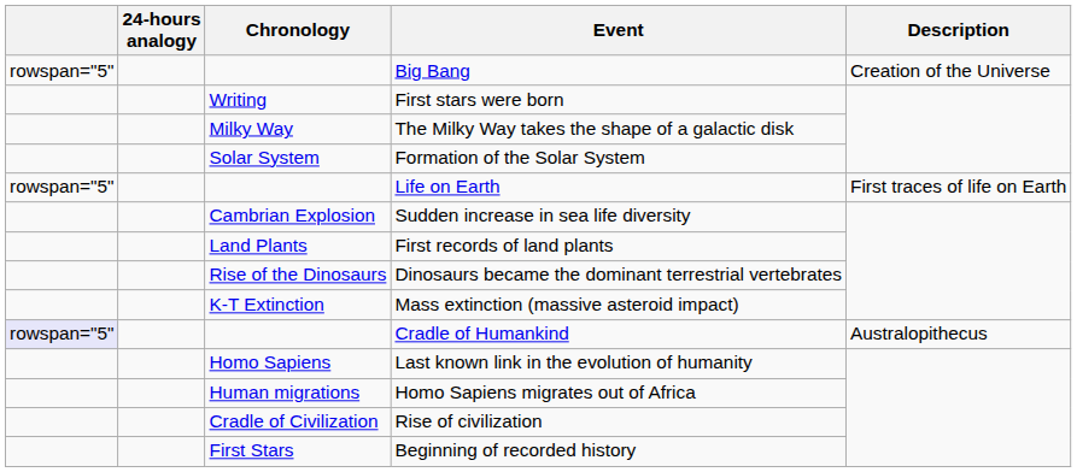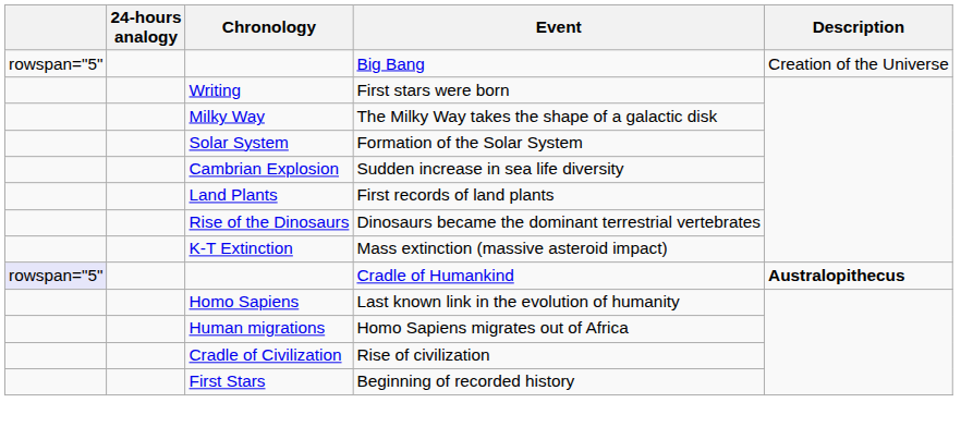 <table class="wikitable">
 <tr>
 <th></th>
 <th>24-hours<br>analogy</th>
 <th>Chronology</th>
 <th>Event</th>
 <th>Description</th>
 </tr>
 <tr>
 <td>rowspan="5" </td>
 <td></td>
 <td></td>
 <td><a href='#'>Big Bang</a></td>
 <td>Creation of the Universe</td>
 </tr>
 <tr>
 <td></td>
 <td></td>
 <td><a href='#'>Writing</a></td>
 <td>First stars were born</td>
 </tr>
 <tr>
 <td></td>
 <td></td>
 <td><a href='#'>Milky Way</a></td>
 <td>The Milky Way takes the shape of a galactic disk</td>
 </tr>
 <tr>
 <td></td>
 <td></td>
 <td><a href='#'>Solar System</a></td>
 <td>Formation of the Solar System</td>
 </tr>
 <tr>
-<td>rowspan="5" </td>
-<td></td>
-<td></td>
-<td><a href='#'>Life on Earth</a></td>
-<td>First traces of life on Earth</td>
-</tr>
-<tr>
 <td></td>
 <td></td>
 <td><a href='#'>Cambrian Explosion</a></td>
 <td>Sudden increase in sea life diversity</td>
 </tr>
 <tr>
 <td></td>
 <td></td>
 <td><a href='#'>Land Plants</a></td>
 <td>First records of land plants</td>
 </tr>
 <tr>
 <td></td>
 <td></td>
 <td><a href='#'>Rise of the Dinosaurs</a></td>
 <td>Dinosaurs became the dominant terrestrial vertebrates</td>
 </tr>
 <tr>
 <td></td>
 <td></td>
 <td><a href='#'>K-T Extinction</a></td>
 <td>Mass extinction (massive asteroid impact)</td>
 </tr>
 <tr>
 <td style="background: lavender;">rowspan="5" </td>
 <td></td>
 <td></td>
 <td><a href='#'>Cradle of Humankind</a></td>
-<td>Australopithecus</td>
+<td><strong>Australopithecus</strong></td>
 </tr>
 <tr>
 <td></td>
 <td></td>
 <td><a href='#'>Homo Sapiens</a></td>
 <td>Last known link in the evolution of humanity</td>
 </tr>
 <tr>
 <td></td>
 <td></td>
 <td><a href='#'>Human migrations</a></td>
 <td>Homo Sapiens migrates out of Africa</td>
 </tr>
 <tr>
 <td></td>
 <td></td>
 <td><a href='#'>Cradle of Civilization</a></td>
 <td>Rise of civilization</td>
 </tr>
 <tr>
 <td></td>
 <td></td>
 <td><a href='#'>First Stars</a></td>
 <td>Beginning of recorded history</td>
 </tr>
 </table>
